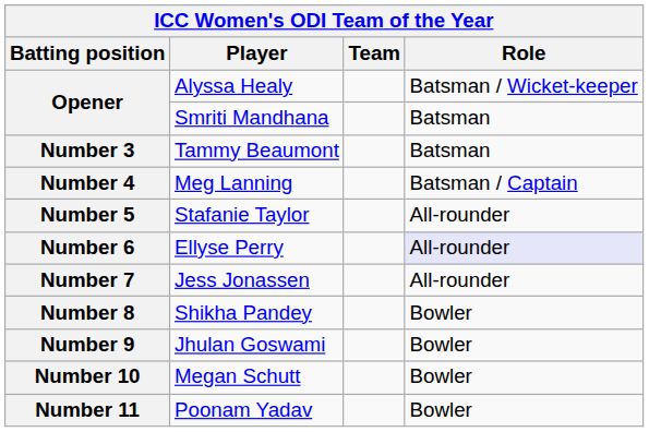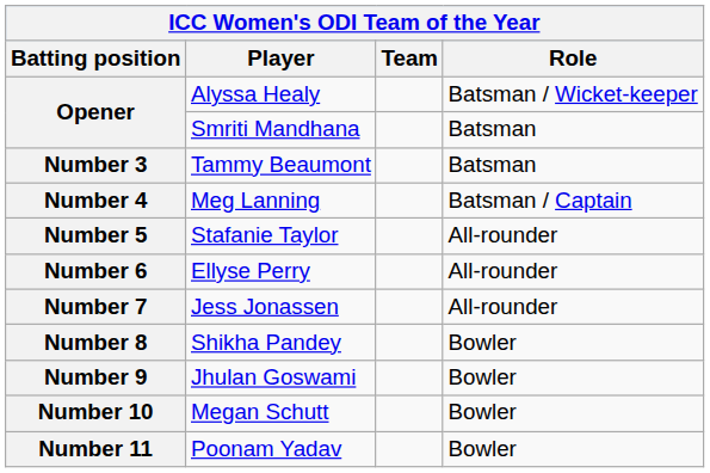 <table class="wikitable plainrowheaders">
 <tr style="background:#9cf;">
 <th colspan="5"><a href='#'>ICC Women's ODI Team of the Year</a></th>
 </tr>
 <tr>
 <th>Batting position</th>
 <th>Player</th>
 <th>Team</th>
 <th>Role</th>
 </tr>
 <tr>
 <th scope=row style=text-align:center; rowspan=2>Opener</th>
 <td><a href='#'>Alyssa Healy</a></td>
 <td></td>
 <td>Batsman / <a href='#'>Wicket-keeper</a></td>
 </tr>
 <tr>
 <td><a href='#'>Smriti Mandhana</a></td>
 <td></td>
 <td>Batsman</td>
 </tr>
 <tr>
 <th scope=row style=text-align:center;>Number 3</th>
 <td><a href='#'>Tammy Beaumont</a></td>
 <td></td>
 <td>Batsman</td>
 </tr>
 <tr>
 <th scope=row style=text-align:center;>Number 4</th>
 <td><a href='#'>Meg Lanning</a></td>
 <td></td>
 <td>Batsman / <a href='#'>Captain</a></td>
 </tr>
 <tr>
 <th scope=row style=text-align:center;>Number 5</th>
 <td><a href='#'>Stafanie Taylor</a></td>
 <td></td>
 <td>All-rounder</td>
 </tr>
 <tr>
 <th scope=row style=text-align:center;>Number 6</th>
 <td><a href='#'>Ellyse Perry</a></td>
 <td></td>
-<td style="background: lavender;">All-rounder</td>
+<td>All-rounder</td>
 </tr>
 <tr>
 <th scope=row style=text-align:center;>Number 7</th>
 <td><a href='#'>Jess Jonassen</a></td>
 <td></td>
 <td>All-rounder</td>
 </tr>
 <tr>
 <th scope=row style=text-align:center;>Number 8</th>
 <td><a href='#'>Shikha Pandey</a></td>
 <td></td>
 <td>Bowler</td>
 </tr>
 <tr>
 <th scope=row style=text-align:center;>Number 9</th>
 <td><a href='#'>Jhulan Goswami</a></td>
 <td></td>
 <td>Bowler</td>
 </tr>
 <tr>
 <th scope=row style=text-align:center;>Number 10</th>
 <td><a href='#'>Megan Schutt</a></td>
 <td></td>
 <td>Bowler</td>
 </tr>
 <tr>
 <th scope=row style=text-align:center;>Number 11</th>
 <td><a href='#'>Poonam Yadav</a></td>
 <td></td>
 <td>Bowler</td>
 </tr>
 </table>
